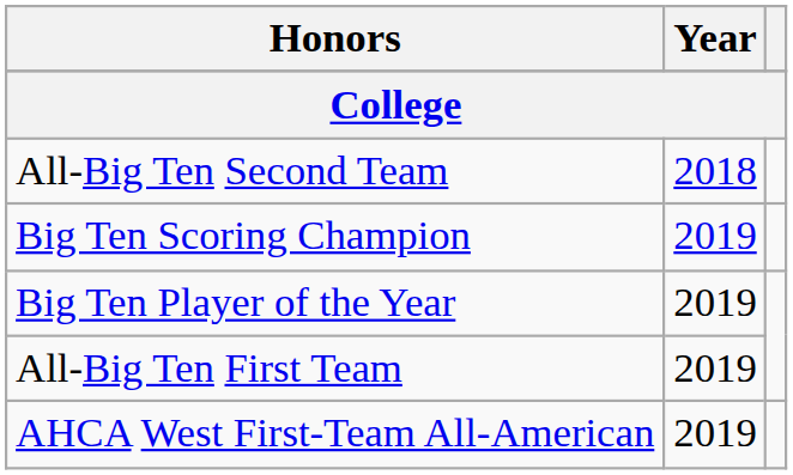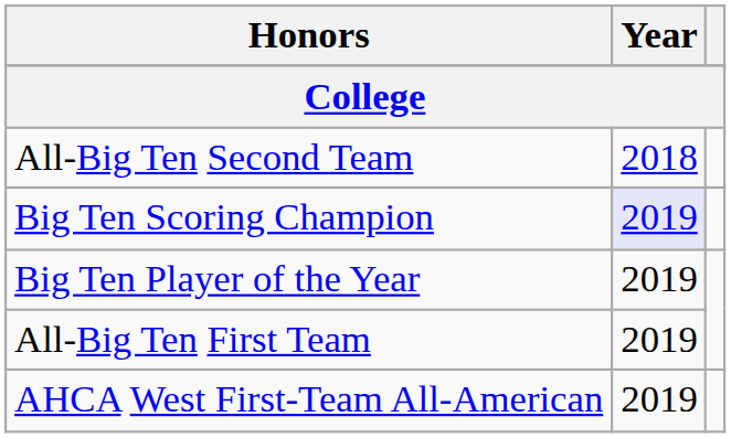 <table class="wikitable">
 <tr>
 <th>Honors</th>
 <th>Year</th>
 <th></th>
 </tr>
 <tr>
 </tr>
 <tr>
 <th colspan="3"><a href='#'>College</a></th>
 </tr>
 <tr>
 <td>All-<a href='#'>Big Ten</a> <a href='#'>Second Team</a></td>
 <td><a href='#'>2018</a></td>
 <td></td>
 </tr>
 <tr>
 <td><a href='#'>Big Ten Scoring Champion</a></td>
-<td><a href='#'>2019</a></td>
+<td style="background: lavender;"><a href='#'>2019</a></td>
 <td></td>
 </tr>
 <tr>
 <td><a href='#'>Big Ten Player of the Year</a></td>
 <td>2019</td>
 <td rowspan="2"></td>
 </tr>
 <tr>
 <td>All-<a href='#'>Big Ten</a> <a href='#'>First Team</a></td>
 <td>2019</td>
 </tr>
 <tr>
 <td><a href='#'>AHCA</a> <a href='#'>West First-Team All-American</a></td>
 <td>2019</td>
 <td></td>
 </tr>
 </table>
